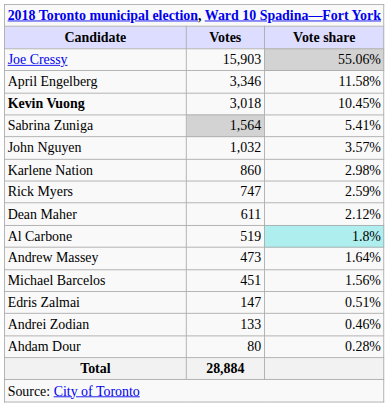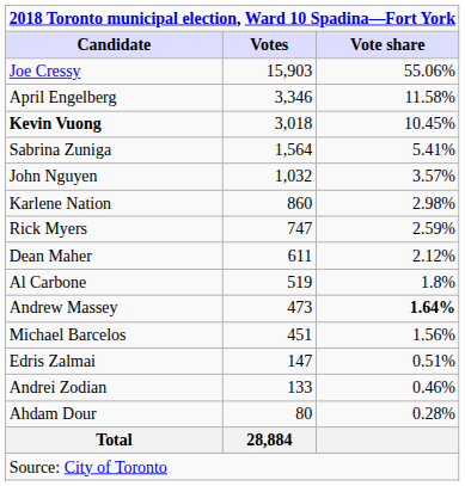 <table class="wikitable plainrowheaders">
 <tr>
 <td colspan="3"><strong><a href='#'>2018 Toronto municipal election</a>, <a href='#'>Ward 10 Spadina—Fort York</a></strong></td>
 </tr>
 <tr>
 <th scope="col" style="background:#ddf;">Candidate</th>
 <th scope="col" style="background:#ddf;">Votes</th>
 <th scope="col" style="background:#ddf;">Vote share</th>
 </tr>
 <tr>
 <td scope="row"><a href='#'>Joe Cressy</a></td>
 <td align="right">15,903</td>
-<td align="right" style="background: lightgrey;">55.06%</td>
+<td align="right">55.06%</td>
 </tr>
 <tr>
 <td scope="row">April Engelberg</td>
 <td align="right">3,346</td>
 <td align="right">11.58%</td>
 </tr>
 <tr>
 <td scope="row"><strong>Kevin Vuong</strong></td>
 <td align="right">3,018</td>
 <td align="right">10.45%</td>
 </tr>
 <tr>
 <td scope="row">Sabrina Zuniga</td>
-<td align="right" style="background: lightgrey;">1,564</td>
+<td align="right">1,564</td>
 <td align="right">5.41%</td>
 </tr>
 <tr>
 <td scope="row">John Nguyen</td>
 <td align="right">1,032</td>
 <td align="right">3.57%</td>
 </tr>
 <tr>
 <td scope="row">Karlene Nation</td>
 <td align="right">860</td>
 <td align="right">2.98%</td>
 </tr>
 <tr>
 <td scope="row">Rick Myers</td>
 <td align="right">747</td>
 <td align="right">2.59%</td>
 </tr>
 <tr>
 <td scope="row">Dean Maher</td>
 <td align="right">611</td>
 <td align="right">2.12%</td>
 </tr>
 <tr>
 <td>Al Carbone</td>
 <td align="right">519</td>
-<td align="right" style="background: paleturquoise;">1.8%</td>
+<td align="right">1.8%</td>
 </tr>
 <tr>
 <td>Andrew Massey</td>
 <td align="right">473</td>
-<td align="right">1.64%</td>
+<td align="right"><strong>1.64%</strong></td>
 </tr>
 <tr>
 <td>Michael Barcelos</td>
 <td align="right">451</td>
 <td align="right">1.56%</td>
 </tr>
 <tr>
 <td>Edris Zalmai</td>
 <td align="right">147</td>
 <td align="right">0.51%</td>
 </tr>
 <tr>
 <td>Andrei Zodian</td>
 <td align="right">133</td>
 <td align="right">0.46%</td>
 </tr>
 <tr>
 <td>Ahdam Dour</td>
 <td align="right">80</td>
 <td align="right">0.28%</td>
 </tr>
 <tr>
 <th scope="row"><strong>Total</strong></th>
 <th align="right">28,884</th>
 <th align="right"></th>
 </tr>
 <tr>
 <td colspan="3">Source: <a href='#'>City of Toronto</a></td>
 </tr>
 </table>
